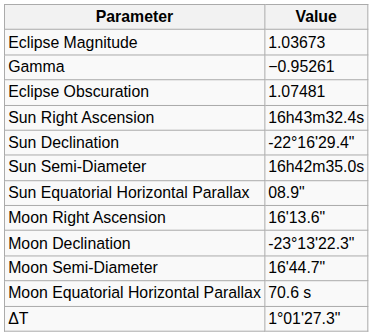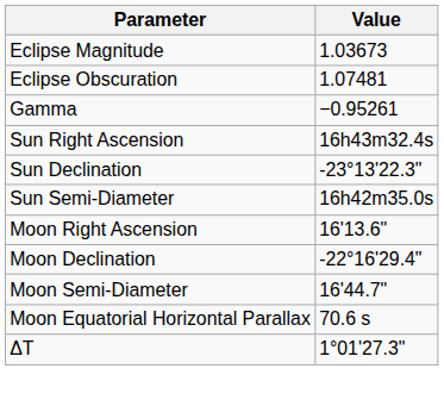 <table class="wikitable">
 <tr>
 <th>Parameter</th>
 <th>Value</th>
 </tr>
 <tr>
 <td>Eclipse Magnitude</td>
 <td>1.03673</td>
 </tr>
 <tr>
+<td>Eclipse Obscuration</td>
+<td>1.07481</td>
+</tr>
+<tr>
 <td>Gamma</td>
 <td>−0.95261</td>
-</tr>
-<tr>
-<td>Eclipse Obscuration</td>
-<td>1.07481</td>
 </tr>
 <tr>
 <td>Sun Right Ascension</td>
 <td>16h43m32.4s</td>
 </tr>
 <tr>
 <td>Sun Declination</td>
-<td>-22°16'29.4"</td>
+<td>-23°13'22.3"</td>
 </tr>
 <tr>
 <td>Sun Semi-Diameter</td>
 <td>16h42m35.0s</td>
-</tr>
-<tr>
-<td>Sun Equatorial Horizontal Parallax</td>
-<td>08.9"</td>
 </tr>
 <tr>
 <td>Moon Right Ascension</td>
 <td>16'13.6"</td>
 </tr>
 <tr>
 <td>Moon Declination</td>
-<td>-23°13'22.3"</td>
+<td>-22°16'29.4"</td>
 </tr>
 <tr>
 <td>Moon Semi-Diameter</td>
 <td>16'44.7"</td>
 </tr>
 <tr>
 <td>Moon Equatorial Horizontal Parallax</td>
 <td>70.6 s</td>
 </tr>
 <tr>
 <td>ΔT</td>
 <td>1°01'27.3"</td>
 </tr>
 </table>
